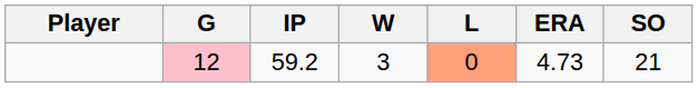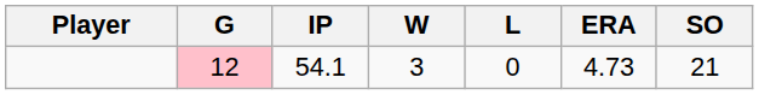 <table class="wikitable sortable">
 <tr>
 <th bgcolor="#DDDDFF" width="16%">Player</th>
 <th bgcolor="#DDDDFF" width="9%">G</th>
 <th bgcolor="#DDDDFF" width="9%">IP</th>
 <th bgcolor="#DDDDFF" width="9%">W</th>
 <th bgcolor="#DDDDFF" width="9%">L</th>
 <th bgcolor="#DDDDFF" width="9%">ERA</th>
 <th bgcolor="#DDDDFF" width="9%">SO</th>
 </tr>
 <tr align="center">
 <td></td>
 <td style="background: pink;">12</td>
-<td>59.2</td>
+<td>54.1</td>
 <td>3</td>
-<td style="background: lightsalmon;">0</td>
+<td>0</td>
 <td>4.73</td>
 <td>21</td>
 </tr>
 </table>
